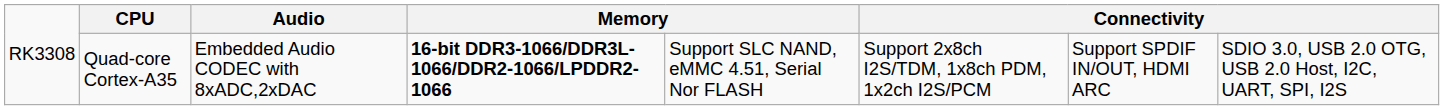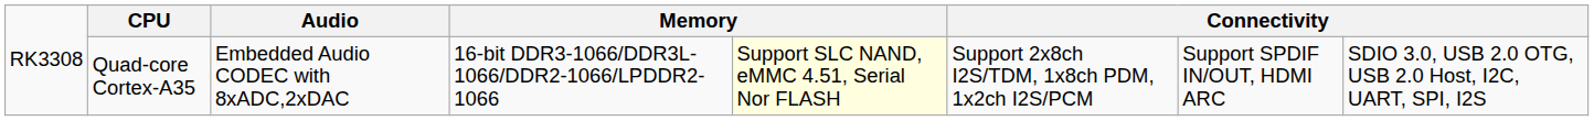 <table class="wikitable">
 <tr>
 <td rowspan="2">RK3308</td>
 <th>CPU</th>
 <th>Audio</th>
 <th colspan="2">Memory</th>
 <th colspan="3">Connectivity</th>
 </tr>
 <tr>
 <td>Quad-core Cortex-A35</td>
 <td>Embedded Audio CODEC with 8xADC,2xDAC</td>
-<td><strong>16-bit DDR3-1066/DDR3L-1066/DDR2-1066/LPDDR2-1066</strong></td>
-<td>Support SLC NAND, eMMC 4.51, Serial Nor FLASH</td>
+<td>16-bit DDR3-1066/DDR3L-1066/DDR2-1066/LPDDR2-1066</td>
+<td style="background: lightyellow;">Support SLC NAND, eMMC 4.51, Serial Nor FLASH</td>
 <td>Support 2x8ch I2S/TDM, 1x8ch PDM, 1x2ch I2S/PCM</td>
 <td>Support SPDIF IN/OUT, HDMI ARC</td>
 <td>SDIO 3.0, USB 2.0 OTG, USB 2.0 Host, I2C, UART, SPI, I2S</td>
 </tr>
 </table>
